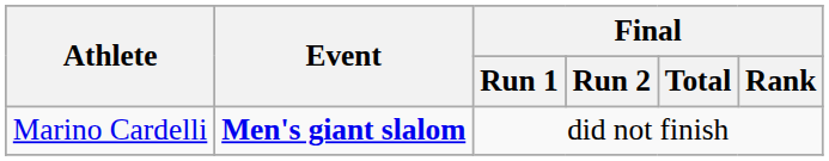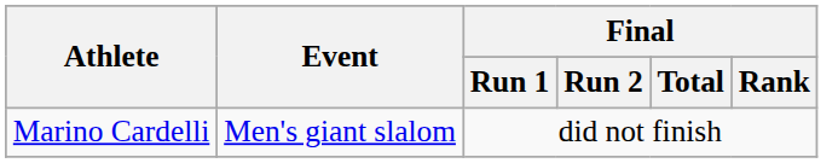 <table class="wikitable" style="font-size:90%">
 <tr>
 <th rowspan="2">Athlete</th>
 <th rowspan="2">Event</th>
 <th colspan="5">Final</th>
 </tr>
 <tr>
 <th>Run 1</th>
 <th>Run 2</th>
 <th>Total</th>
 <th>Rank</th>
 </tr>
 <tr>
 <td><a href='#'>Marino Cardelli</a></td>
-<td><strong><a href='#'>Men's giant slalom</a></strong></td>
+<td><a href='#'>Men's giant slalom</a></td>
 <td colspan=4 align="center">did not finish</td>
 </tr>
 </table>
